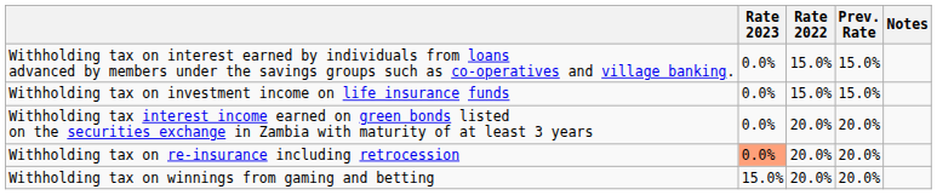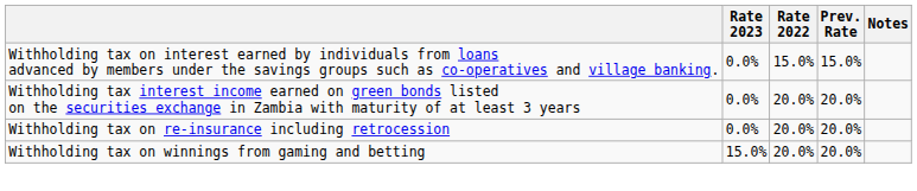 <table class="wikitable">
 <tr>
 <th></th>
 <th>Rate<br>2023</th>
 <th>Rate<br>2022</th>
 <th>Prev.<br>Rate</th>
 <th>Notes</th>
 </tr>
 <tr>
 <td>Withholding tax on interest earned by individuals from <a href='#'>loans</a><br>advanced by members under the savings groups such as  <a href='#'>co-operatives</a> and <a href='#'>village banking</a>.</td>
 <td>0.0%</td>
 <td>15.0%</td>
 <td>15.0%</td>
 <td></td>
 </tr>
 <tr>
-<td>Withholding tax on investment income on <a href='#'>life insurance</a> <a href='#'>funds</a></td>
-<td>0.0%</td>
-<td>15.0%</td>
-<td>15.0%</td>
-<td></td>
-</tr>
-<tr>
 <td>Withholding tax <a href='#'>interest income</a> earned on <a href='#'>green bonds</a> listed<br>on the <a href='#'>securities exchange</a> in Zambia with maturity of at least  3 years</td>
 <td>0.0%</td>
 <td>20.0%</td>
 <td>20.0%</td>
 <td></td>
 </tr>
 <tr>
 <td>Withholding tax on <a href='#'>re-insurance</a> including <a href='#'>retrocession</a></td>
-<td style="background: lightsalmon;">0.0%</td>
+<td>0.0%</td>
 <td>20.0%</td>
 <td>20.0%</td>
 <td></td>
 </tr>
 <tr>
 <td>Withholding tax on winnings from gaming and betting</td>
 <td>15.0%</td>
 <td>20.0%</td>
 <td>20.0%</td>
 <td></td>
 </tr>
 </table>
